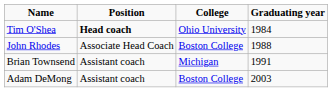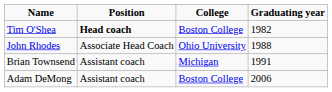 <table class="wikitable">
 <tr>
 <td align=center><span> <strong>Name</strong></span></td>
 <td align=center><span> <strong>Position</strong></span></td>
 <td align=center><span> <strong>College</strong></span></td>
 <td align=center><span> <strong>Graduating year</strong></span></td>
 </tr>
 <tr>
 <td><a href='#'>Tim O'Shea</a></td>
 <td><strong>Head coach</strong></td>
-<td><a href='#'>Ohio University</a></td>
-<td>1984</td>
+<td><a href='#'>Boston College</a></td>
+<td>1982</td>
 </tr>
 <tr>
 <td><a href='#'>John Rhodes</a></td>
 <td>Associate Head Coach</td>
-<td><a href='#'>Boston College</a></td>
+<td><a href='#'>Ohio University</a></td>
 <td>1988</td>
 </tr>
 <tr>
 <td>Brian Townsend</td>
 <td>Assistant coach</td>
 <td><a href='#'>Michigan</a></td>
 <td>1991</td>
 </tr>
 <tr>
 <td>Adam DeMong</td>
 <td>Assistant coach</td>
 <td><a href='#'>Boston College</a></td>
-<td>2003</td>
+<td>2006</td>
 </tr>
 </table>
